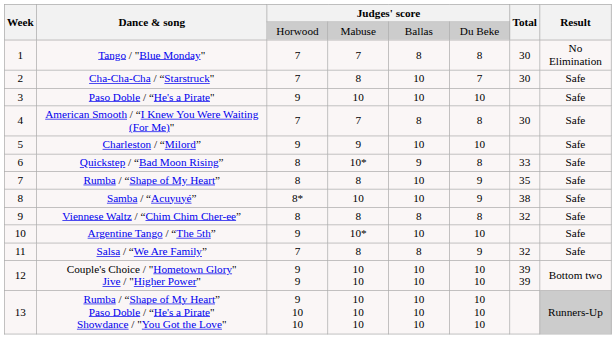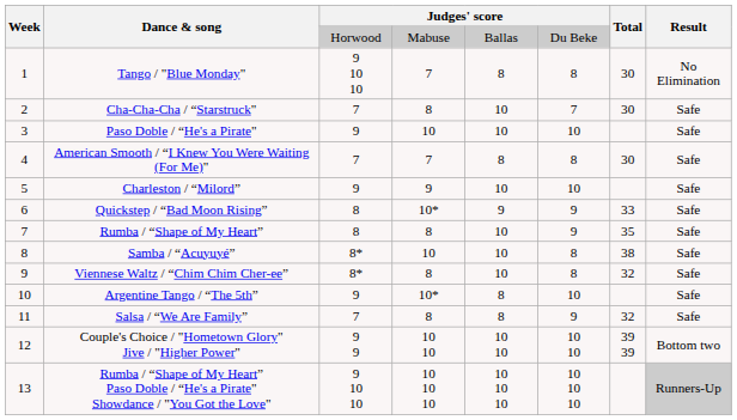 <table class="wikitable collapsible collapsed">
 <tr style="text-align:center; background:#ccc;">
 <th rowspan=2>Week</th>
 <th rowspan=2>Dance & song</th>
 <th colspan=4>Judges' score</th>
 <th rowspan=2>Total</th>
 <th rowspan=2>Result</th>
 </tr>
 <tr style="text-align:center; background:#ccc;">
 <td style="width:10%; ">Horwood</td>
 <td style="width:10%; ">Mabuse</td>
 <td style="width:10%; ">Ballas</td>
 <td style="width:10%; ">Du Beke</td>
 </tr>
 <tr style="text-align:center; background:#faf6f6;">
 <td>1</td>
 <td><a href='#'>Tango</a> / "<a href='#'>Blue Monday</a>"</td>
-<td>7</td>
+<td>9<br>10<br>10</td>
 <td>7</td>
 <td>8</td>
 <td>8</td>
 <td>30</td>
 <td>No Elimination</td>
 </tr>
 <tr style="text-align:center; background:#faf6f6;">
 <td>2</td>
 <td><a href='#'>Cha-Cha-Cha</a> / “<a href='#'>Starstruck</a>"</td>
 <td>7</td>
 <td>8</td>
 <td>10</td>
 <td>7</td>
 <td>30</td>
 <td>Safe</td>
 </tr>
 <tr style="text-align:center; background:#faf6f6;">
 <td>3</td>
 <td><a href='#'>Paso Doble</a> / “<a href='#'>He's a Pirate</a>"</td>
 <td>9</td>
 <td>10</td>
 <td>10</td>
 <td>10</td>
 <td></td>
 <td>Safe</td>
 </tr>
 <tr style="text-align:center; background:#faf6f6;">
 <td>4</td>
 <td><a href='#'>American Smooth</a> / “<a href='#'>I Knew You Were Waiting (For Me)</a>"</td>
 <td>7</td>
 <td>7</td>
 <td>8</td>
 <td>8</td>
 <td>30</td>
 <td>Safe</td>
 </tr>
 <tr style="text-align:center; background:#faf6f6;">
 <td>5</td>
 <td><a href='#'>Charleston</a> / “<a href='#'>Milord</a>”</td>
 <td>9</td>
 <td>9</td>
 <td>10</td>
 <td>10</td>
 <td></td>
 <td>Safe</td>
 </tr>
 <tr style="text-align:center; background:#faf6f6;">
 <td>6</td>
 <td><a href='#'>Quickstep</a> / “<a href='#'>Bad Moon Rising</a>”</td>
 <td>8</td>
 <td>10*</td>
 <td>9</td>
-<td>8</td>
+<td>9</td>
 <td>33</td>
 <td>Safe</td>
 </tr>
 <tr style="text-align:center; background:#faf6f6;">
 <td>7</td>
 <td><a href='#'>Rumba</a> / “<a href='#'>Shape of My Heart</a>”</td>
 <td>8</td>
 <td>8</td>
 <td>10</td>
 <td>9</td>
 <td>35</td>
 <td>Safe</td>
 </tr>
 <tr style="text-align:center; background:#faf6f6;">
 <td>8</td>
 <td><a href='#'>Samba</a> / “<a href='#'>Acuyuyé</a>”</td>
 <td>8*</td>
 <td>10</td>
 <td>10</td>
-<td>9</td>
+<td>8</td>
 <td>38</td>
 <td>Safe</td>
 </tr>
 <tr style="text-align:center; background:#faf6f6;">
 <td>9</td>
 <td><a href='#'>Viennese Waltz</a> / “<a href='#'>Chim Chim Cher-ee</a>”</td>
+<td>8*</td>
 <td>8</td>
-<td>8</td>
-<td>8</td>
+<td>10</td>
 <td>8</td>
 <td>32</td>
 <td>Safe</td>
 </tr>
 <tr style="text-align:center; background:#faf6f6;">
 <td>10</td>
 <td><a href='#'>Argentine Tango</a> / “<a href='#'>The 5th</a>”</td>
 <td>9</td>
 <td>10*</td>
-<td>10</td>
+<td>8</td>
 <td>10</td>
 <td></td>
 <td>Safe</td>
 </tr>
 <tr style="text-align:center; background:#faf6f6;">
 <td>11</td>
 <td><a href='#'>Salsa</a> / “<a href='#'>We Are Family</a>”</td>
 <td>7</td>
 <td>8</td>
 <td>8</td>
 <td>9</td>
 <td>32</td>
 <td>Safe</td>
 </tr>
 <tr style="text-align:center; background:#faf6f6;">
 <td>12</td>
 <td>Couple's Choice / "<a href='#'>Hometown Glory</a>"<br><a href='#'>Jive</a> / "<a href='#'>Higher Power</a>"</td>
 <td>9<br>9</td>
 <td>10<br>10</td>
 <td>10<br>10</td>
 <td>10<br>10</td>
 <td>39<br>39</td>
 <td>Bottom two</td>
 </tr>
 <tr style="text-align:center; background:#faf6f6;">
 <td>13</td>
 <td><a href='#'>Rumba</a> / “<a href='#'>Shape of My Heart</a>”<br><a href='#'>Paso Doble</a> / “<a href='#'>He's a Pirate</a>"<br><a href='#'>Showdance</a> / "<a href='#'>You Got the Love</a>"</td>
 <td>9<br>10<br>10</td>
 <td>10<br>10<br>10</td>
 <td>10<br>10<br>10</td>
 <td>10<br>10<br>10</td>
 <td><br><br></td>
 <td style="text-align:center; background:#ccc;">Runners-Up</td>
 </tr>
 </table>
